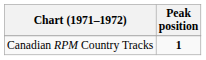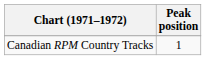 <table class="wikitable sortable">
 <tr>
 <th align="left">Chart (1971–1972)</th>
 <th align="center">Peak<br>position</th>
 </tr>
 <tr>
 </tr>
 <tr>
 </tr>
 <tr>
 <td align="left">Canadian <em>RPM</em> Country Tracks</td>
-<td align="center"><strong>1</strong></td>
+<td align="center">1</td>
 </tr>
 </table>
